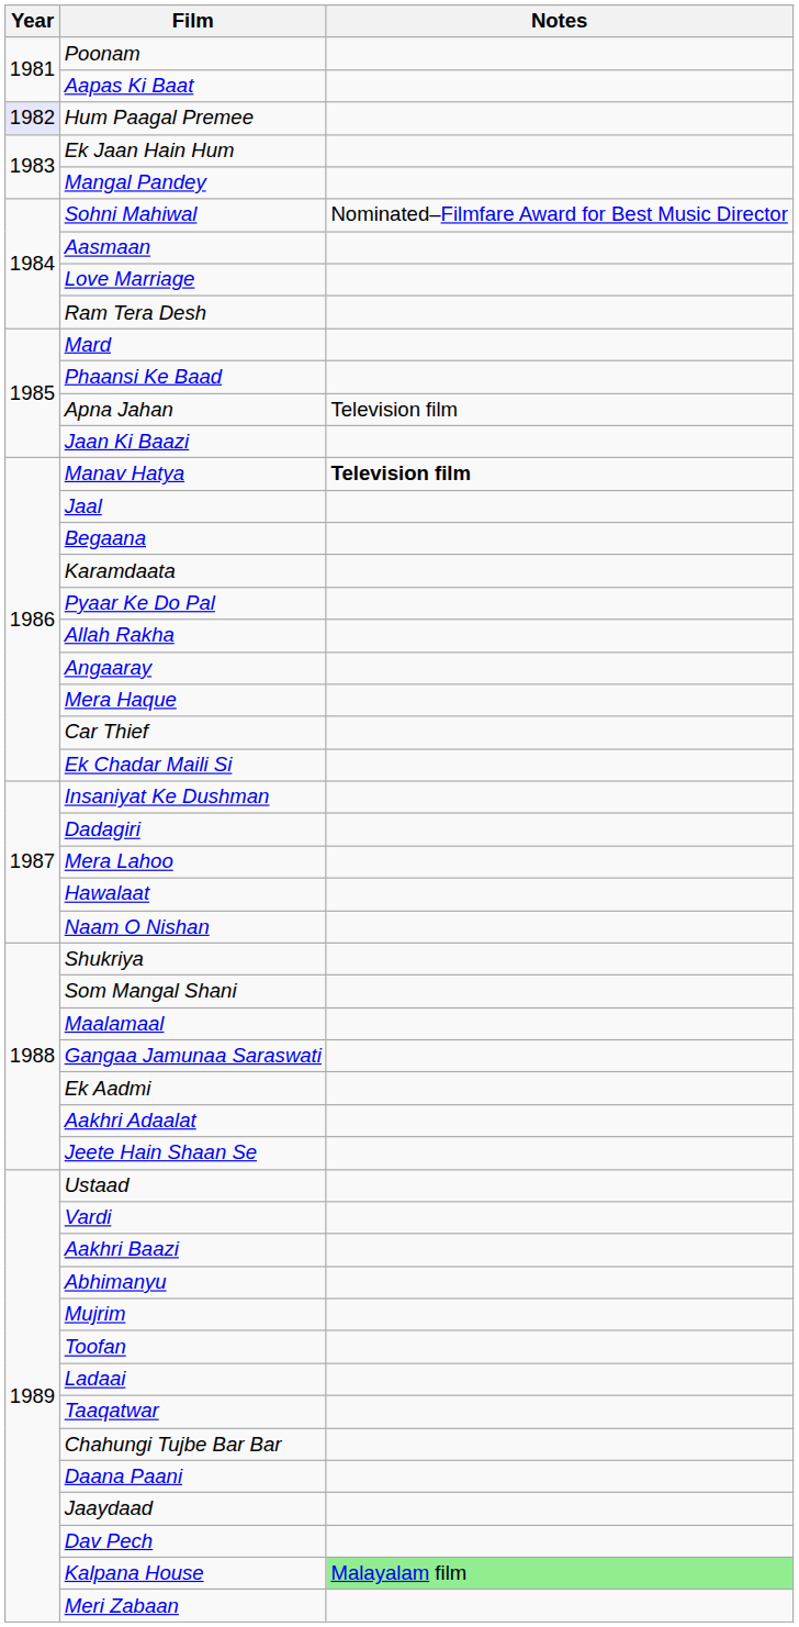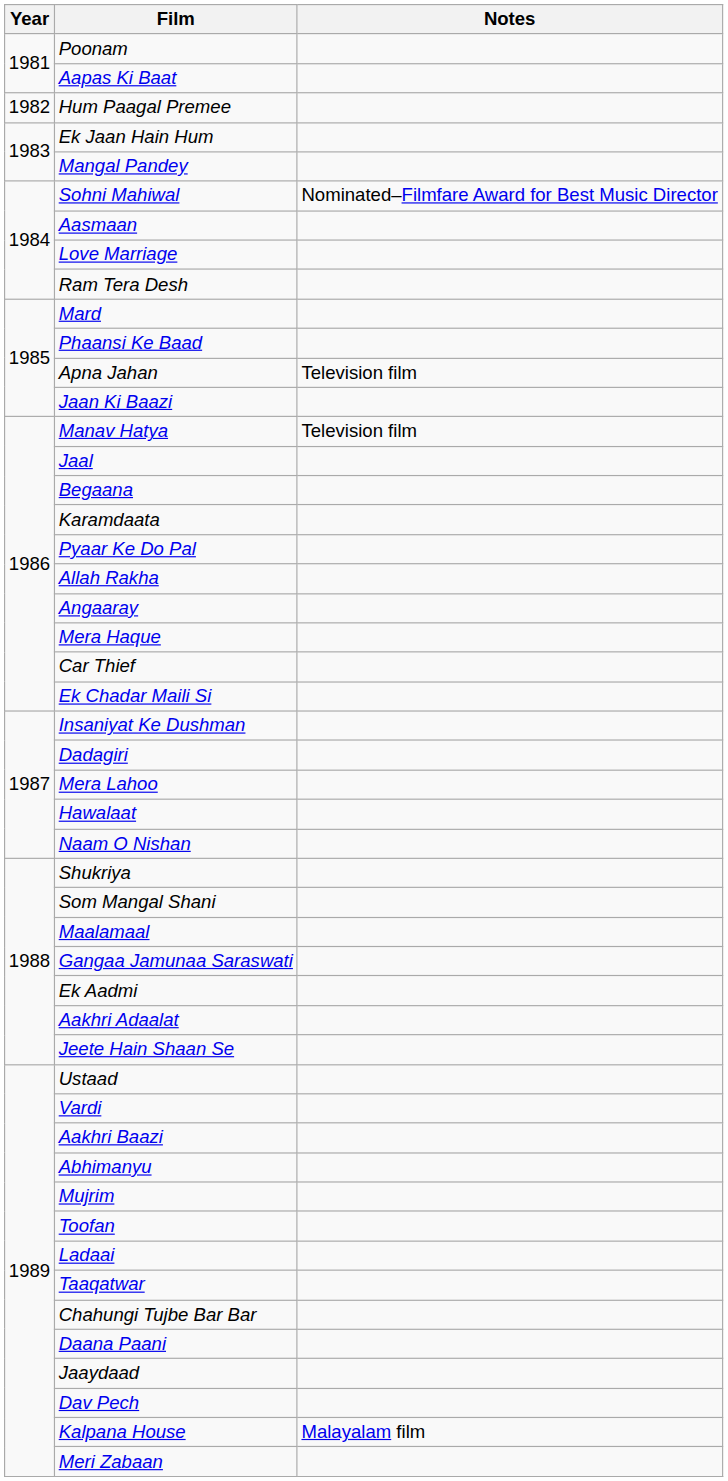 <table class="wikitable sortable">
 <tr>
 <th>Year</th>
 <th>Film</th>
 <th>Notes</th>
 </tr>
 <tr>
 <td rowspan="2">1981</td>
 <td><em>Poonam</em></td>
 <td></td>
 </tr>
 <tr>
 <td><em><a href='#'>Aapas Ki Baat</a></em></td>
 <td></td>
 </tr>
 <tr>
-<td style="background: lavender;">1982</td>
+<td>1982</td>
 <td><em>Hum Paagal Premee</em></td>
 <td></td>
 </tr>
 <tr>
 <td rowspan="2">1983</td>
 <td><em>Ek Jaan Hain Hum</em></td>
 <td></td>
 </tr>
 <tr>
 <td><em><a href='#'>Mangal Pandey</a></em></td>
 <td></td>
 </tr>
 <tr>
 <td rowspan="4">1984</td>
 <td><a href='#'><em>Sohni Mahiwal</em></a></td>
 <td>Nominated–<a href='#'>Filmfare Award for Best Music Director</a></td>
 </tr>
 <tr>
 <td><em><a href='#'>Aasmaan</a></em></td>
 <td></td>
 </tr>
 <tr>
 <td><a href='#'><em>Love Marriage</em></a></td>
 <td></td>
 </tr>
 <tr>
 <td><em>Ram Tera Desh</em></td>
 <td></td>
 </tr>
 <tr>
 <td rowspan="4">1985</td>
 <td><a href='#'><em>Mard</em></a></td>
 <td></td>
 </tr>
 <tr>
 <td><em><a href='#'>Phaansi Ke Baad</a></em></td>
 <td></td>
 </tr>
 <tr>
 <td><em>Apna Jahan</em></td>
 <td>Television film</td>
 </tr>
 <tr>
 <td><em><a href='#'>Jaan Ki Baazi</a></em></td>
 <td></td>
 </tr>
 <tr>
 <td rowspan="10">1986</td>
 <td><em><a href='#'>Manav Hatya</a></em></td>
-<td><strong>Television film</strong></td>
+<td>Television film</td>
 </tr>
 <tr>
 <td><a href='#'><em>Jaal</em></a></td>
 <td></td>
 </tr>
 <tr>
 <td><a href='#'><em>Begaana</em></a></td>
 <td></td>
 </tr>
 <tr>
 <td><em>Karamdaata</em></td>
 <td></td>
 </tr>
 <tr>
 <td><em><a href='#'>Pyaar Ke Do Pal</a></em></td>
 <td></td>
 </tr>
 <tr>
 <td><a href='#'><em>Allah Rakha</em></a></td>
 <td></td>
 </tr>
 <tr>
 <td><a href='#'><em>Angaaray</em></a></td>
 <td></td>
 </tr>
 <tr>
 <td><em><a href='#'>Mera Haque</a></em></td>
 <td></td>
 </tr>
 <tr>
 <td><em>Car Thief</em></td>
 <td></td>
 </tr>
 <tr>
 <td><em><a href='#'>Ek Chadar Maili Si</a></em></td>
 <td></td>
 </tr>
 <tr>
 <td rowspan="5">1987</td>
 <td><em><a href='#'>Insaniyat Ke Dushman</a></em></td>
 <td></td>
 </tr>
 <tr>
 <td><a href='#'><em>Dadagiri</em></a></td>
 <td></td>
 </tr>
 <tr>
 <td><em><a href='#'>Mera Lahoo</a></em></td>
 <td></td>
 </tr>
 <tr>
 <td><em><a href='#'>Hawalaat</a></em></td>
 <td></td>
 </tr>
 <tr>
 <td><em><a href='#'>Naam O Nishan</a></em></td>
 <td></td>
 </tr>
 <tr>
 <td rowspan="7">1988</td>
 <td><em>Shukriya</em></td>
 <td></td>
 </tr>
 <tr>
 <td><em>Som Mangal Shani</em></td>
 <td></td>
 </tr>
 <tr>
 <td><em><a href='#'>Maalamaal</a></em></td>
 <td></td>
 </tr>
 <tr>
 <td><em><a href='#'>Gangaa Jamunaa Saraswati</a></em></td>
 <td></td>
 </tr>
 <tr>
 <td><em>Ek Aadmi</em></td>
 <td></td>
 </tr>
 <tr>
 <td><em><a href='#'>Aakhri Adaalat</a></em></td>
 <td></td>
 </tr>
 <tr>
 <td><em><a href='#'>Jeete Hain Shaan Se</a></em></td>
 <td></td>
 </tr>
 <tr>
 <td rowspan="14">1989</td>
 <td><em>Ustaad</em></td>
 <td></td>
 </tr>
 <tr>
 <td><a href='#'><em>Vardi</em></a></td>
 <td></td>
 </tr>
 <tr>
 <td><em><a href='#'>Aakhri Baazi</a></em></td>
 <td></td>
 </tr>
 <tr>
 <td><em><a href='#'>Abhimanyu</a></em></td>
 <td></td>
 </tr>
 <tr>
 <td><em><a href='#'>Mujrim</a></em></td>
 <td></td>
 </tr>
 <tr>
 <td><a href='#'><em>Toofan</em></a></td>
 <td></td>
 </tr>
 <tr>
 <td><em><a href='#'>Ladaai</a></em></td>
 <td></td>
 </tr>
 <tr>
 <td><em><a href='#'>Taaqatwar</a></em></td>
 <td></td>
 </tr>
 <tr>
 <td><em>Chahungi Tujbe Bar Bar</em></td>
 <td></td>
 </tr>
 <tr>
 <td><em><a href='#'>Daana Paani</a></em></td>
 <td></td>
 </tr>
 <tr>
 <td><em>Jaaydaad</em></td>
 <td></td>
 </tr>
 <tr>
 <td><em><a href='#'>Dav Pech</a></em></td>
 <td></td>
 </tr>
 <tr>
 <td><em><a href='#'>Kalpana House</a></em></td>
-<td style="background: lightgreen;"><a href='#'>Malayalam</a> film</td>
+<td><a href='#'>Malayalam</a> film</td>
 </tr>
 <tr>
 <td><em><a href='#'>Meri Zabaan</a></em></td>
 <td></td>
 </tr>
 <tr>
 </tr>
 </table>
